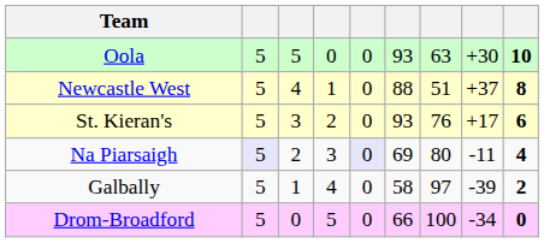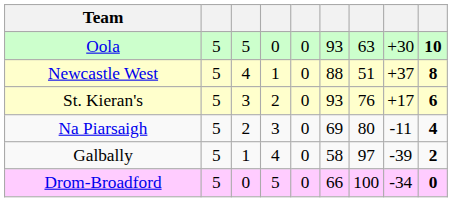 <table class="wikitable" style="text-align:center">
 <tr>
 <th style="width:175px;">Team</th>
 <th width="20"></th>
 <th width="20"></th>
 <th width="20"></th>
 <th width="20"></th>
 <th width="20"></th>
 <th width="20"></th>
 <th width="20"></th>
 <th width="20"></th>
 </tr>
 <tr style="background:#cfc;">
 <td><a href='#'>Oola</a></td>
 <td>5</td>
 <td>5</td>
 <td>0</td>
 <td>0</td>
 <td>93</td>
 <td>63</td>
 <td>+30</td>
 <td><strong>10</strong></td>
 </tr>
 <tr style="background:#ffffcc;">
 <td><a href='#'>Newcastle West</a></td>
 <td>5</td>
 <td>4</td>
 <td>1</td>
 <td>0</td>
 <td>88</td>
 <td>51</td>
 <td>+37</td>
 <td><strong>8</strong></td>
 </tr>
 <tr style="background:#ffffcc;">
 <td>St. Kieran's</td>
 <td>5</td>
 <td>3</td>
 <td>2</td>
 <td>0</td>
 <td>93</td>
 <td>76</td>
 <td>+17</td>
 <td><strong>6</strong></td>
 </tr>
 <tr>
 <td><a href='#'>Na Piarsaigh</a></td>
-<td style="background: lavender;">5</td>
+<td>5</td>
 <td>2</td>
 <td>3</td>
-<td style="background: lavender;">0</td>
+<td>0</td>
 <td>69</td>
 <td>80</td>
 <td>-11</td>
 <td><strong>4</strong></td>
 </tr>
 <tr>
 <td>Galbally</td>
 <td>5</td>
 <td>1</td>
 <td>4</td>
 <td>0</td>
 <td>58</td>
 <td>97</td>
 <td>-39</td>
 <td><strong>2</strong></td>
 </tr>
 <tr style="background:#fcf;">
 <td><a href='#'>Drom-Broadford</a></td>
 <td>5</td>
 <td>0</td>
 <td>5</td>
 <td>0</td>
 <td>66</td>
 <td>100</td>
 <td>-34</td>
 <td><strong>0</strong></td>
 </tr>
 </table>
